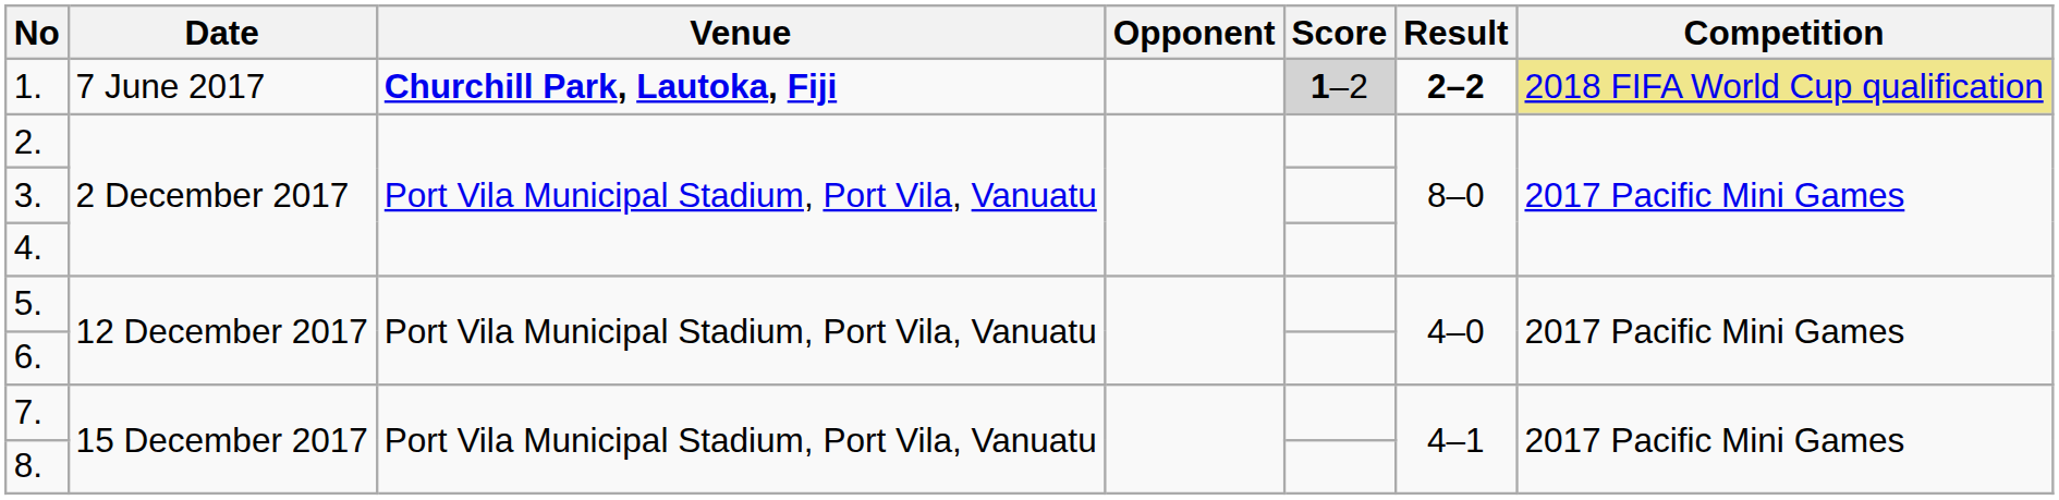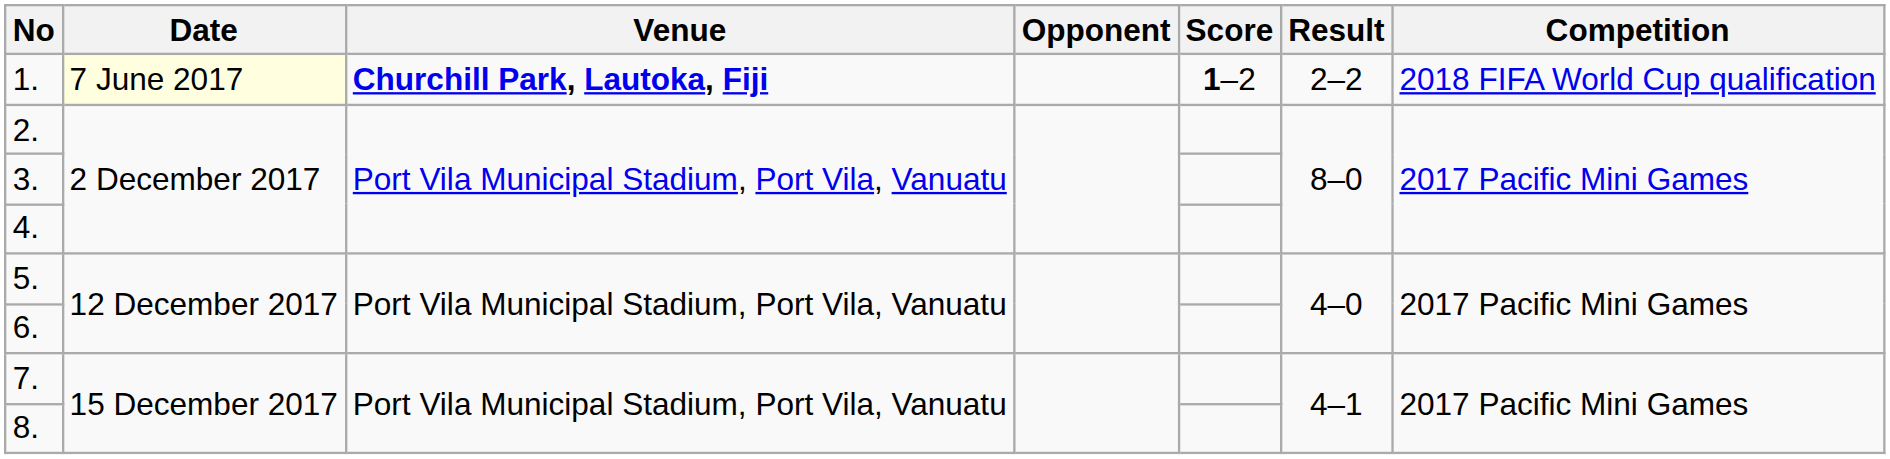 <table class="wikitable" style="font-size:85%;">
 <tr>
 <th>No</th>
 <th>Date</th>
 <th>Venue</th>
 <th>Opponent</th>
 <th>Score</th>
 <th>Result</th>
 <th>Competition</th>
 </tr>
 <tr>
 <td>1.</td>
-<td>7 June 2017</td>
+<td style="background: lightyellow;">7 June 2017</td>
 <td><strong><a href='#'>Churchill Park</a>, <a href='#'>Lautoka</a>, <a href='#'>Fiji</a></strong></td>
 <td></td>
-<td align=center style="background: lightgrey;"><strong>1</strong>–2</td>
-<td align=center><strong>2–2</strong></td>
-<td style="background: khaki;"><a href='#'>2018 FIFA World Cup qualification</a></td>
+<td align=center><strong>1</strong>–2</td>
+<td align=center>2–2</td>
+<td><a href='#'>2018 FIFA World Cup qualification</a></td>
 </tr>
 <tr>
 <td>2.</td>
 <td rowspan=3>2 December 2017</td>
 <td rowspan=3><a href='#'>Port Vila Municipal Stadium</a>, <a href='#'>Port Vila</a>, <a href='#'>Vanuatu</a></td>
 <td rowspan=3></td>
 <td></td>
 <td rowspan=3 style="text-align:center;">8–0</td>
 <td rowspan=3><a href='#'>2017 Pacific Mini Games</a></td>
 </tr>
 <tr>
 <td>3.</td>
 <td></td>
 </tr>
 <tr>
 <td>4.</td>
 <td></td>
 </tr>
 <tr>
 <td>5.</td>
 <td rowspan=2>12 December 2017</td>
 <td rowspan=2>Port Vila Municipal Stadium, Port Vila, Vanuatu</td>
 <td rowspan=2></td>
 <td></td>
 <td rowspan=2 style="text-align:center;">4–0</td>
 <td rowspan=2>2017 Pacific Mini Games</td>
 </tr>
 <tr>
 <td>6.</td>
 <td></td>
 </tr>
 <tr>
 <td>7.</td>
 <td rowspan=2>15 December 2017</td>
 <td rowspan=2>Port Vila Municipal Stadium, Port Vila, Vanuatu</td>
 <td rowspan=2></td>
 <td></td>
 <td rowspan=2 style="text-align:center;">4–1</td>
 <td rowspan=2>2017 Pacific Mini Games</td>
 </tr>
 <tr>
 <td>8.</td>
 <td></td>
 </tr>
 </table>
